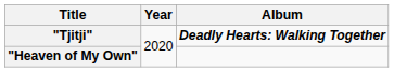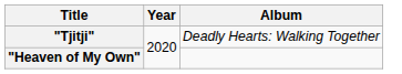 <table class="wikitable plainrowheaders" style="text-align:center;">
 <tr>
 <th>Title</th>
 <th>Year</th>
 <th>Album</th>
 </tr>
 <tr>
 <th scope="row">"Tjitji"<br></th>
 <td rowspan="2">2020</td>
-<td><strong><em>Deadly Hearts: Walking Together</em></strong></td>
+<td><em>Deadly Hearts: Walking Together</em></td>
 </tr>
 <tr>
 <th scope="row">"Heaven of My Own"<br></th>
 <td></td>
 </tr>
 </table>
